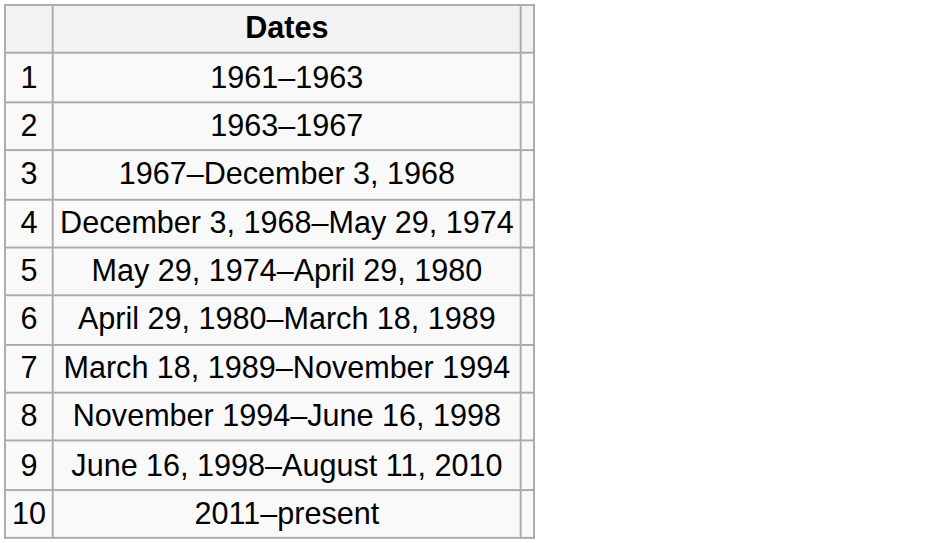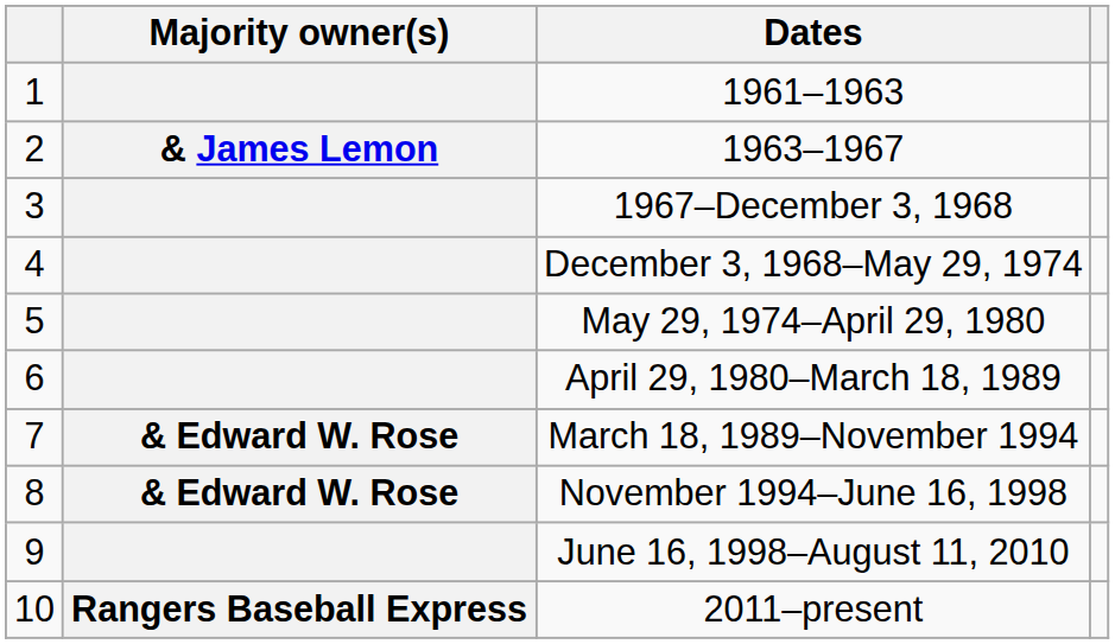 <table class="wikitable sortable plainrowheaders" style="text-align:center">
 <tr>
 <th scope="col"></th>
+<th scope="col">Majority owner(s)</th>
 <th scope="col">Dates</th>
 <th class="unsortable" scope="col"></th>
 </tr>
 <tr>
 <td>1</td>
+<th scope="row" style="text-align:center"></th>
 <td>1961–1963</td>
 <td></td>
 </tr>
 <tr>
 <td>2</td>
+<th scope="row" style="text-align:center"> & <a href='#'>James Lemon</a></th>
 <td>1963–1967</td>
 <td></td>
 </tr>
 <tr>
 <td>3</td>
+<th scope="row" style="text-align:center"></th>
 <td>1967–December 3, 1968</td>
 <td></td>
 </tr>
 <tr>
 <td>4</td>
+<th scope="row" style="text-align:center"></th>
 <td>December 3, 1968–May 29, 1974</td>
 <td></td>
 </tr>
 <tr>
 <td>5</td>
+<th scope="row" style="text-align:center"></th>
 <td>May 29, 1974–April 29, 1980</td>
 <td></td>
 </tr>
 <tr>
 <td>6</td>
+<th scope="row" style="text-align:center"></th>
 <td>April 29, 1980–March 18, 1989</td>
 <td></td>
 </tr>
 <tr>
 <td>7</td>
+<th scope="row" style="text-align:center"> & Edward W. Rose</th>
 <td>March 18, 1989–November 1994</td>
 <td></td>
 </tr>
 <tr>
 <td>8</td>
+<th scope="row" style="text-align:center"> & Edward W. Rose</th>
 <td>November 1994–June 16, 1998</td>
 <td></td>
 </tr>
 <tr>
 <td>9</td>
+<th scope="row" style="text-align:center"></th>
 <td>June 16, 1998–August 11, 2010</td>
 <td></td>
 </tr>
 <tr>
 <td>10</td>
+<th scope="row" style="text-align:center">Rangers Baseball Express</th>
 <td>2011–present</td>
 <td></td>
 </tr>
 </table>
